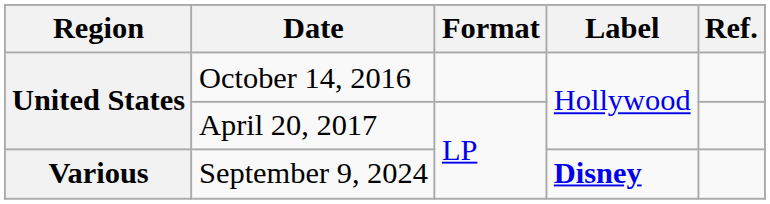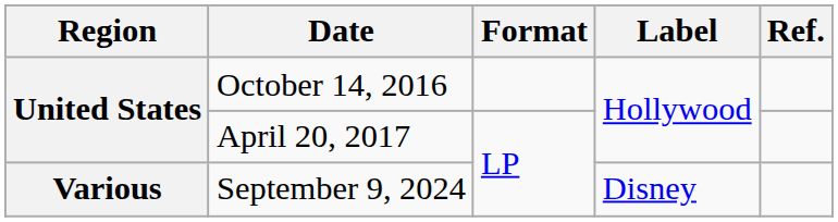 <table class="wikitable sortable plainrowheaders">
 <tr>
 <th scope="col">Region</th>
 <th scope="col">Date</th>
 <th scope="col">Format</th>
 <th scope="col">Label</th>
 <th scope="col">Ref.</th>
 </tr>
 <tr>
 <th scope="row" rowspan="2">United States</th>
 <td>October 14, 2016</td>
 <td></td>
 <td rowspan="2"><a href='#'>Hollywood</a></td>
 <td align="center"></td>
 </tr>
 <tr>
 <td>April 20, 2017</td>
 <td rowspan="2"><a href='#'>LP</a></td>
 <td align="center"></td>
 </tr>
 <tr>
 <th scope="row">Various</th>
 <td>September 9, 2024</td>
-<td><strong><a href='#'>Disney</a></strong></td>
+<td><a href='#'>Disney</a></td>
 <td align="center"></td>
 </tr>
 </table>
